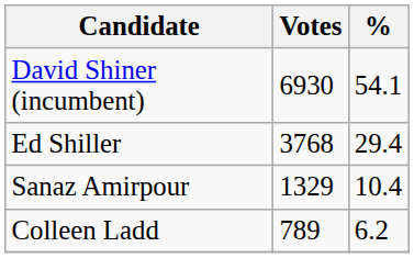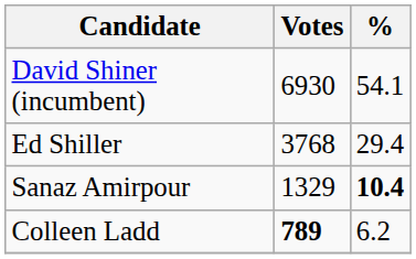 <table class="wikitable">
 <tr>
 <th bgcolor="#DDDDFF" width="150px">Candidate</th>
 <th bgcolor="#DDDDFF">Votes</th>
 <th bgcolor="#DDDDFF">%</th>
 </tr>
 <tr>
 <td><a href='#'>David Shiner</a> (incumbent)</td>
 <td>6930</td>
 <td>54.1</td>
 </tr>
 <tr>
 <td>Ed Shiller</td>
 <td>3768</td>
 <td>29.4</td>
 </tr>
 <tr>
 <td>Sanaz Amirpour</td>
 <td>1329</td>
-<td>10.4</td>
+<td><strong>10.4</strong></td>
 </tr>
 <tr>
 <td>Colleen Ladd</td>
-<td>789</td>
+<td><strong>789</strong></td>
 <td>6.2</td>
 </tr>
 <tr>
 </tr>
 </table>
